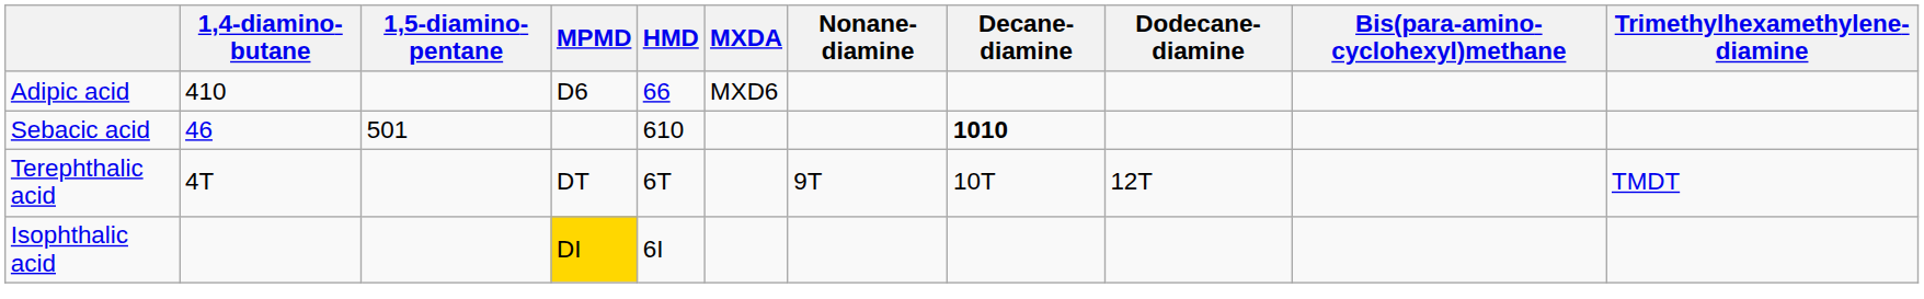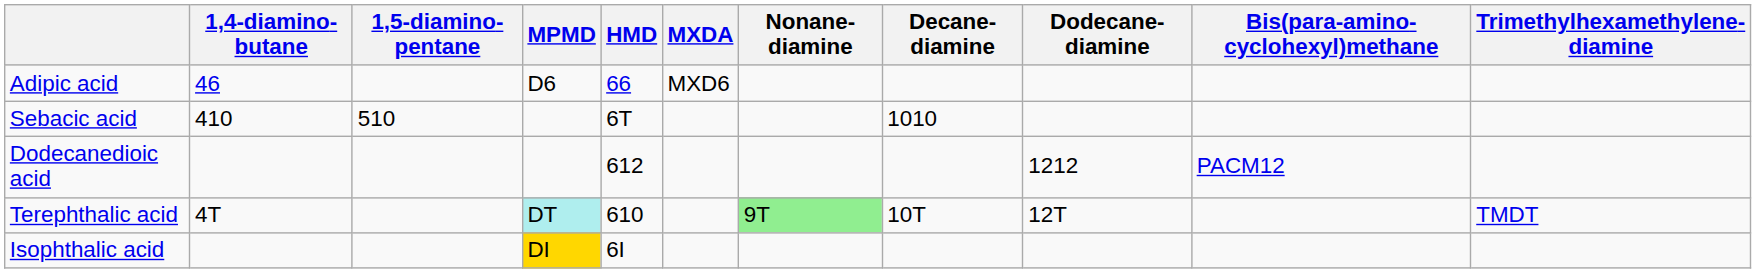 <table class="wikitable">
 <tr>
 <th></th>
 <th><a href='#'>1,4-diamino­butane</a></th>
 <th><a href='#'>1,5-diamino­pentane</a></th>
 <th><a href='#'>MPMD</a></th>
 <th><a href='#'>HMD</a></th>
 <th><a href='#'>MXDA</a></th>
 <th>Nonane­diamine</th>
 <th>Decane­diamine</th>
 <th>Dodecane­diamine</th>
 <th><a href='#'>Bis­(para-amino­cyclohexyl)­methane</a></th>
 <th><a href='#'>Trimethyl­hexamethylene­diamine</a></th>
 </tr>
 <tr>
 <td><a href='#'>Adipic acid</a></td>
-<td>410</td>
+<td><a href='#'>46</a></td>
 <td></td>
 <td>D6</td>
 <td><a href='#'>66</a></td>
 <td>MXD6</td>
 <td></td>
 <td></td>
 <td></td>
 <td></td>
 <td></td>
 </tr>
 <tr>
 <td><a href='#'>Sebacic acid</a></td>
-<td><a href='#'>46</a></td>
-<td>501</td>
+<td>410</td>
+<td>510</td>
 <td></td>
-<td>610</td>
+<td>6T</td>
 <td></td>
 <td></td>
-<td><strong>1010</strong></td>
+<td>1010</td>
 <td></td>
 <td></td>
+<td></td>
+</tr>
+<tr>
+<td><a href='#'>Dodecanedioic acid</a></td>
+<td></td>
+<td></td>
+<td></td>
+<td>612</td>
+<td></td>
+<td></td>
+<td></td>
+<td>1212</td>
+<td><a href='#'>PACM12</a></td>
 <td></td>
 </tr>
 <tr>
 <td><a href='#'>Terephthalic acid</a></td>
 <td>4T</td>
 <td></td>
-<td>DT</td>
-<td>6T</td>
+<td style="background: paleturquoise;">DT</td>
+<td>610</td>
 <td></td>
-<td>9T</td>
+<td style="background: lightgreen;">9T</td>
 <td>10T</td>
 <td>12T</td>
 <td></td>
 <td><a href='#'>TMDT</a></td>
 </tr>
 <tr>
 <td><a href='#'>Isophthalic acid</a></td>
 <td></td>
 <td></td>
 <td style="background: gold;">DI</td>
 <td>6I</td>
 <td></td>
 <td></td>
 <td></td>
 <td></td>
 <td></td>
 <td></td>
 </tr>
 </table>
